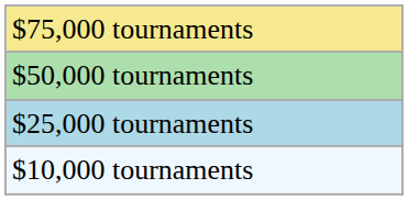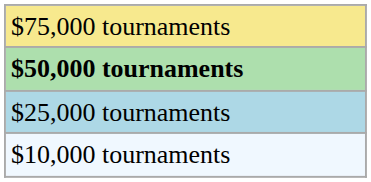 <table class="wikitable" style="font-size:85%;" width=15%>
 <tr bgcolor="#F7E98E">
 <td>$75,000 tournaments</td>
 </tr>
 <tr bgcolor="#ADDFAD">
-<td>$50,000 tournaments</td>
+<td><strong>$50,000 tournaments</strong></td>
 </tr>
 <tr bgcolor="lightblue">
 <td>$25,000 tournaments</td>
 </tr>
 <tr bgcolor="#f0f8ff">
 <td>$10,000 tournaments</td>
 </tr>
 </table>
